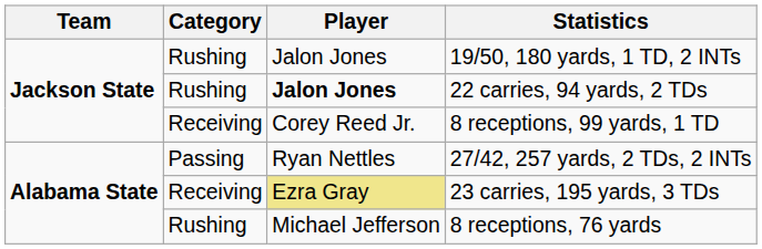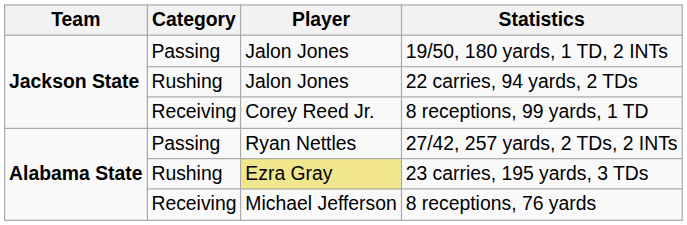 <table class="wikitable" style="float: left;">
 <tr>
 <th>Team</th>
 <th>Category</th>
 <th>Player</th>
 <th>Statistics</th>
 </tr>
 <tr>
 <td rowspan=3><strong>Jackson State</strong></td>
-<td>Rushing</td>
+<td>Passing</td>
 <td>Jalon Jones</td>
 <td>19/50, 180 yards, 1 TD, 2 INTs</td>
 </tr>
 <tr>
 <td>Rushing</td>
-<td><strong>Jalon Jones</strong></td>
+<td>Jalon Jones</td>
 <td>22 carries, 94 yards, 2 TDs</td>
 </tr>
 <tr>
 <td>Receiving</td>
 <td>Corey Reed Jr.</td>
 <td>8 receptions, 99 yards, 1 TD</td>
 </tr>
 <tr>
 <td rowspan=3><strong>Alabama State</strong></td>
 <td>Passing</td>
 <td>Ryan Nettles</td>
 <td>27/42, 257 yards, 2 TDs, 2 INTs</td>
 </tr>
 <tr>
-<td>Receiving</td>
+<td>Rushing</td>
 <td style="background: khaki;">Ezra Gray</td>
 <td>23 carries, 195 yards, 3 TDs</td>
 </tr>
 <tr>
-<td>Rushing</td>
+<td>Receiving</td>
 <td>Michael Jefferson</td>
 <td>8 receptions, 76 yards</td>
 </tr>
 </table>
